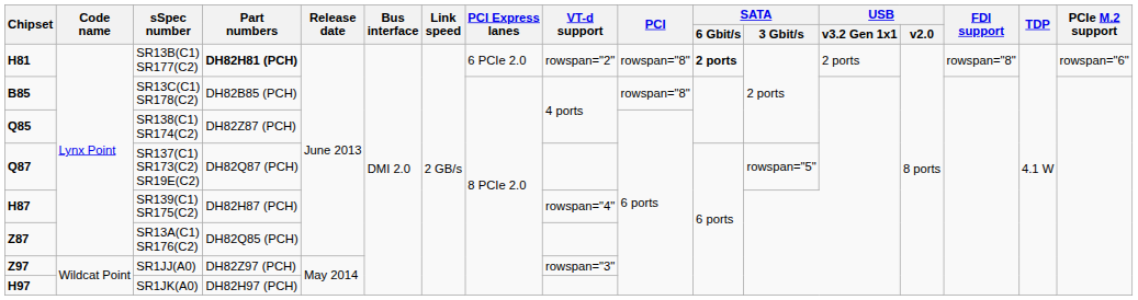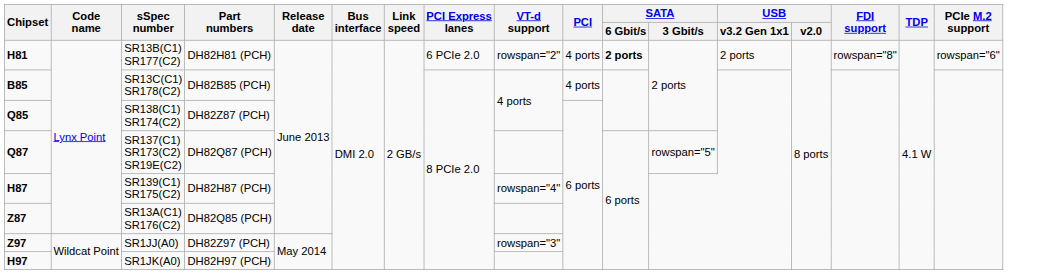 <table class="wikitable" style="font-size: 90%;">
 <tr>
 <th rowspan="2">Chipset</th>
 <th rowspan="2">Code<br>name</th>
 <th rowspan="2">sSpec<br>number</th>
 <th rowspan="2">Part<br>numbers</th>
 <th rowspan="2">Release<br>date</th>
 <th rowspan="2">Bus<br>interface</th>
 <th rowspan="2">Link<br>speed</th>
 <th rowspan="2"><a href='#'>PCI Express</a><br>lanes</th>
 <th rowspan="2"><a href='#'>VT-d</a><br>support</th>
 <th rowspan="2"><a href='#'>PCI</a></th>
 <th colspan="2"><a href='#'>SATA</a></th>
 <th colspan="2"><a href='#'>USB</a></th>
 <th rowspan="2"><a href='#'>FDI</a><br><a href='#'>support</a></th>
 <th rowspan="2"><a href='#'>TDP</a></th>
 <th rowspan="2">PCIe <a href='#'>M.2</a><br>support</th>
 </tr>
 <tr>
 <th>6 Gbit/s</th>
 <th>3 Gbit/s</th>
 <th>v3.2 Gen 1x1</th>
 <th>v2.0</th>
 </tr>
 <tr>
 <td><strong>H81</strong></td>
 <td rowspan="6"><a href='#'>Lynx Point</a></td>
 <td>SR13B(C1)<br>SR177(C2)</td>
-<td><strong>DH82H81 (PCH)</strong></td>
+<td>DH82H81 (PCH)</td>
 <td rowspan="6">June 2013</td>
 <td rowspan="8">DMI 2.0</td>
 <td rowspan="8">2 GB/s</td>
 <td>6 PCIe 2.0</td>
 <td>rowspan="2" </td>
-<td>rowspan="8" </td>
+<td>4 ports</td>
 <td><strong>2 ports</strong></td>
 <td rowspan="3">2 ports</td>
 <td>2 ports</td>
 <td rowspan="8">8 ports</td>
 <td>rowspan="8" </td>
 <td rowspan="8">4.1 W</td>
 <td>rowspan="6" </td>
 </tr>
 <tr>
 <td><strong>B85</strong></td>
 <td>SR13C(C1)<br>SR178(C2)</td>
 <td>DH82B85 (PCH)</td>
 <td rowspan="7">8 PCIe 2.0</td>
 <td rowspan="2">4 ports</td>
-<td>rowspan="8" </td>
+<td>4 ports</td>
 </tr>
 <tr>
 <td><strong>Q85</strong></td>
 <td>SR138(C1)<br>SR174(C2)</td>
 <td>DH82Z87 (PCH)</td>
 <td rowspan="6">6 ports</td>
 </tr>
 <tr>
 <td><strong>Q87</strong></td>
 <td>SR137(C1)<br>SR173(C2)<br>SR19E(C2)</td>
 <td>DH82Q87 (PCH)</td>
 <td></td>
 <td rowspan="5">6 ports</td>
 <td>rowspan="5" </td>
 </tr>
 <tr>
 <td><strong>H87</strong></td>
 <td>SR139(C1)<br>SR175(C2)</td>
 <td>DH82H87 (PCH)</td>
 <td>rowspan="4" </td>
 </tr>
 <tr>
 <td><strong>Z87</strong></td>
 <td>SR13A(C1)<br>SR176(C2)</td>
 <td>DH82Q85 (PCH)</td>
 </tr>
 <tr>
 <td><strong>Z97</strong></td>
 <td rowspan="2">Wildcat Point</td>
 <td>SR1JJ(A0)</td>
 <td>DH82Z97 (PCH)</td>
 <td rowspan="2">May 2014</td>
 <td>rowspan="3" </td>
 </tr>
 <tr>
 <td><strong>H97</strong></td>
 <td>SR1JK(A0)</td>
 <td>DH82H97 (PCH)</td>
 </tr>
 </table>
